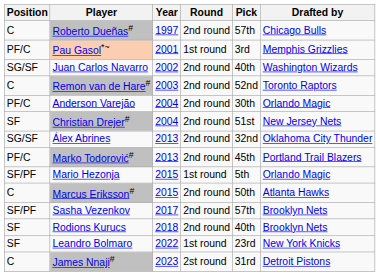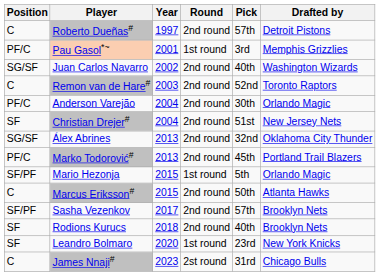 <table class="wikitable sortable" style="text-align: left;">
 <tr>
 <th>Position</th>
 <th>Player</th>
 <th>Year</th>
 <th>Round</th>
 <th>Pick</th>
 <th>Drafted by</th>
 </tr>
 <tr>
 <td>C</td>
 <td style="background:silver;"> <a href='#'>Roberto Dueñas</a><sup>#</sup></td>
 <td><a href='#'>1997</a></td>
 <td>2nd round</td>
 <td>57th</td>
-<td><a href='#'>Chicago Bulls</a></td>
+<td><a href='#'>Detroit Pistons</a></td>
 </tr>
 <tr>
 <td>PF/C</td>
 <td bgcolor="#FBCEB1"> <a href='#'>Pau Gasol</a><sup>*~</sup></td>
 <td><a href='#'>2001</a></td>
 <td>1st round</td>
 <td>3rd</td>
 <td><a href='#'>Memphis Grizzlies</a></td>
 </tr>
 <tr>
 <td>SG/SF</td>
 <td> <a href='#'>Juan Carlos Navarro</a></td>
 <td><a href='#'>2002</a></td>
 <td>2nd round</td>
 <td>40th</td>
 <td><a href='#'>Washington Wizards</a></td>
 </tr>
 <tr>
 <td>C</td>
 <td style="background:silver;"> <a href='#'>Remon van de Hare</a><sup>#</sup></td>
 <td><a href='#'>2003</a></td>
 <td>2nd round</td>
 <td>52nd</td>
 <td><a href='#'>Toronto Raptors</a></td>
 </tr>
 <tr>
 <td>PF/C</td>
 <td> <a href='#'>Anderson Varejão</a></td>
 <td><a href='#'>2004</a></td>
 <td>2nd round</td>
 <td>30th</td>
 <td><a href='#'>Orlando Magic</a></td>
 </tr>
 <tr>
 <td>SF</td>
 <td style="background:silver;"> <a href='#'>Christian Drejer</a><sup>#</sup></td>
 <td><a href='#'>2004</a></td>
 <td>2nd round</td>
 <td>51st</td>
 <td><a href='#'>New Jersey Nets</a></td>
 </tr>
 <tr>
 <td>SG/SF</td>
 <td> <a href='#'>Álex Abrines</a></td>
 <td><a href='#'>2013</a></td>
 <td>2nd round</td>
 <td>32nd</td>
 <td><a href='#'>Oklahoma City Thunder</a></td>
 </tr>
 <tr>
 <td>PF/C</td>
 <td style="background:silver;"> <a href='#'>Marko Todorović</a><sup>#</sup></td>
 <td><a href='#'>2013</a></td>
 <td>2nd round</td>
 <td>45th</td>
 <td><a href='#'>Portland Trail Blazers</a></td>
 </tr>
 <tr>
 <td>SF/PF</td>
 <td> <a href='#'>Mario Hezonja</a></td>
 <td><a href='#'>2015</a></td>
 <td>1st round</td>
 <td>5th</td>
 <td><a href='#'>Orlando Magic</a></td>
 </tr>
 <tr>
 <td>C</td>
 <td style="background:silver;"> <a href='#'>Marcus Eriksson</a><sup>#</sup></td>
 <td><a href='#'>2015</a></td>
 <td>2nd round</td>
 <td>50th</td>
 <td><a href='#'>Atlanta Hawks</a></td>
 </tr>
 <tr>
 <td>SF/PF</td>
 <td> <a href='#'>Sasha Vezenkov</a></td>
 <td><a href='#'>2017</a></td>
 <td>2nd round</td>
 <td>57th</td>
 <td><a href='#'>Brooklyn Nets</a></td>
 </tr>
 <tr>
 <td>SF</td>
 <td> <a href='#'>Rodions Kurucs</a></td>
 <td><a href='#'>2018</a></td>
 <td>2nd round</td>
 <td>40th</td>
 <td><a href='#'>Brooklyn Nets</a></td>
 </tr>
 <tr>
 <td>SF</td>
 <td> <a href='#'>Leandro Bolmaro</a></td>
-<td><a href='#'>2022</a></td>
+<td><a href='#'>2020</a></td>
 <td>1st round</td>
 <td>23rd</td>
 <td><a href='#'>New York Knicks</a></td>
 </tr>
 <tr>
 <td>C</td>
 <td style="background:silver;"> <a href='#'>James Nnaji</a><sup>#</sup></td>
 <td><a href='#'>2023</a></td>
 <td>2st round</td>
 <td>31rd</td>
-<td><a href='#'>Detroit Pistons</a></td>
+<td><a href='#'>Chicago Bulls</a></td>
 </tr>
 </table>
